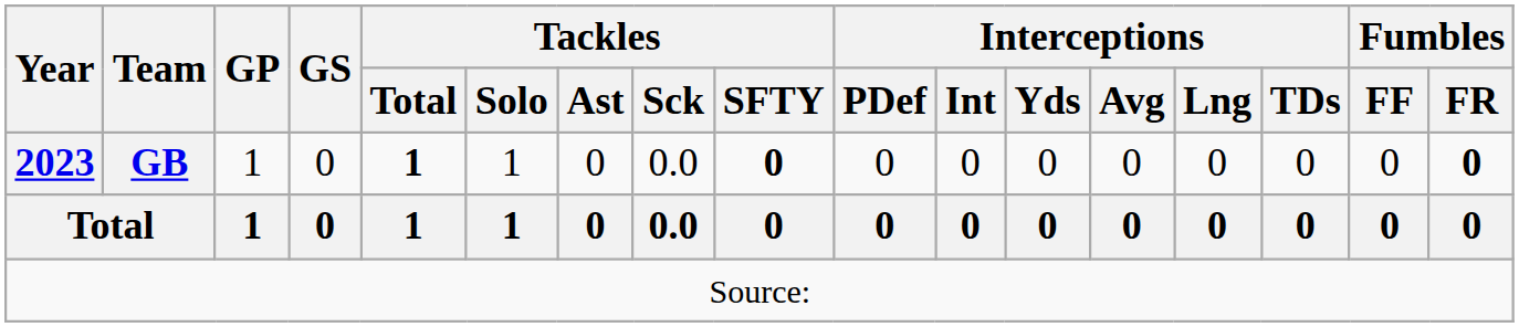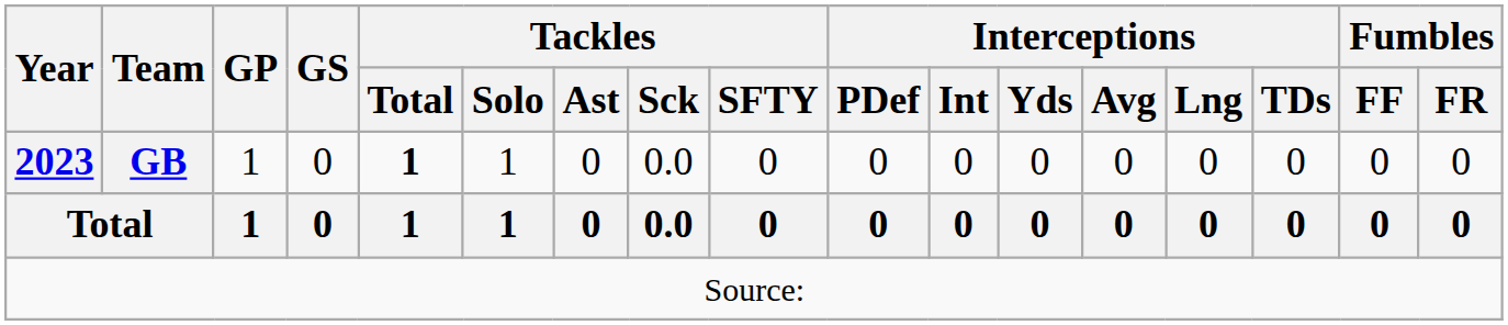 <table class="wikitable" style="text-align: center;">
 <tr>
 <th rowspan=2>Year</th>
 <th rowspan=2>Team</th>
 <th rowspan=2>GP</th>
 <th rowspan=2>GS</th>
 <th colspan=5>Tackles</th>
 <th colspan=6>Interceptions</th>
 <th colspan=2>Fumbles</th>
 </tr>
 <tr>
 <th>Total</th>
 <th>Solo</th>
 <th>Ast</th>
 <th>Sck</th>
 <th>SFTY</th>
 <th>PDef</th>
 <th>Int</th>
 <th>Yds</th>
 <th>Avg</th>
 <th>Lng</th>
 <th>TDs</th>
 <th>FF</th>
 <th>FR</th>
 </tr>
 <tr>
 <th><a href='#'>2023</a></th>
 <th><a href='#'>GB</a></th>
 <td>1</td>
 <td>0</td>
 <td><strong>1</strong></td>
 <td>1</td>
 <td>0</td>
 <td>0.0</td>
-<td><strong>0</strong></td>
 <td>0</td>
 <td>0</td>
 <td>0</td>
 <td>0</td>
 <td>0</td>
 <td>0</td>
 <td>0</td>
-<td><strong>0</strong></td>
+<td>0</td>
+<td>0</td>
 </tr>
 <tr>
 <th colspan="2">Total</th>
 <th>1</th>
 <th>0</th>
 <th>1</th>
 <th>1</th>
 <th>0</th>
 <th>0.0</th>
 <th>0</th>
 <th>0</th>
 <th>0</th>
 <th>0</th>
 <th>0</th>
 <th>0</th>
 <th>0</th>
 <th>0</th>
 <th>0</th>
 </tr>
 <tr>
 <td colspan="17"><small>Source: </small></td>
 </tr>
 </table>
